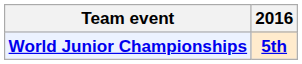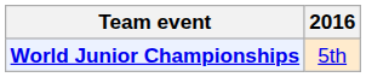 <table style='font-size: 90%; text-align:center;' class='wikitable'>
 <tr>
 <th>Team event</th>
 <th>2016</th>
 </tr>
 <tr>
 <td bgcolor="#ECF2FF"; align="left"><strong><a href='#'>World Junior Championships</a></strong></td>
-<td bgcolor=FFEBCD><strong><a href='#'>5th</a></strong></td>
+<td bgcolor=FFEBCD><a href='#'>5th</a></td>
 </tr>
 </table>
